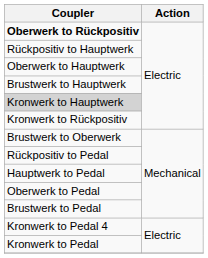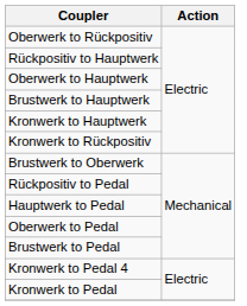 <table class="wikitable" style="display: inline-table; margin-right: 3em;">
 <tr>
 <th>Coupler</th>
 <th>Action</th>
 </tr>
 <tr>
-<td><strong>Oberwerk to Rückpositiv</strong></td>
+<td>Oberwerk to Rückpositiv</td>
 <td rowspan=6>Electric</td>
 </tr>
 <tr>
 <td>Rückpositiv to Hauptwerk</td>
 </tr>
 <tr>
 <td>Oberwerk to Hauptwerk</td>
 </tr>
 <tr>
 <td>Brustwerk to Hauptwerk</td>
 </tr>
 <tr>
-<td style="background: lightgrey;">Kronwerk to Hauptwerk</td>
+<td>Kronwerk to Hauptwerk</td>
 </tr>
 <tr>
 <td>Kronwerk to Rückpositiv</td>
 </tr>
 <tr>
 <td>Brustwerk to Oberwerk</td>
 <td rowspan=5>Mechanical</td>
 </tr>
 <tr>
 <td>Rückpositiv to Pedal</td>
 </tr>
 <tr>
 <td>Hauptwerk to Pedal</td>
 </tr>
 <tr>
 <td>Oberwerk to Pedal</td>
 </tr>
 <tr>
 <td>Brustwerk to Pedal</td>
 </tr>
 <tr>
 <td>Kronwerk to Pedal 4</td>
 <td rowspan=2>Electric</td>
 </tr>
 <tr>
 <td>Kronwerk to Pedal</td>
 </tr>
 <tr>
 </tr>
 </table>
